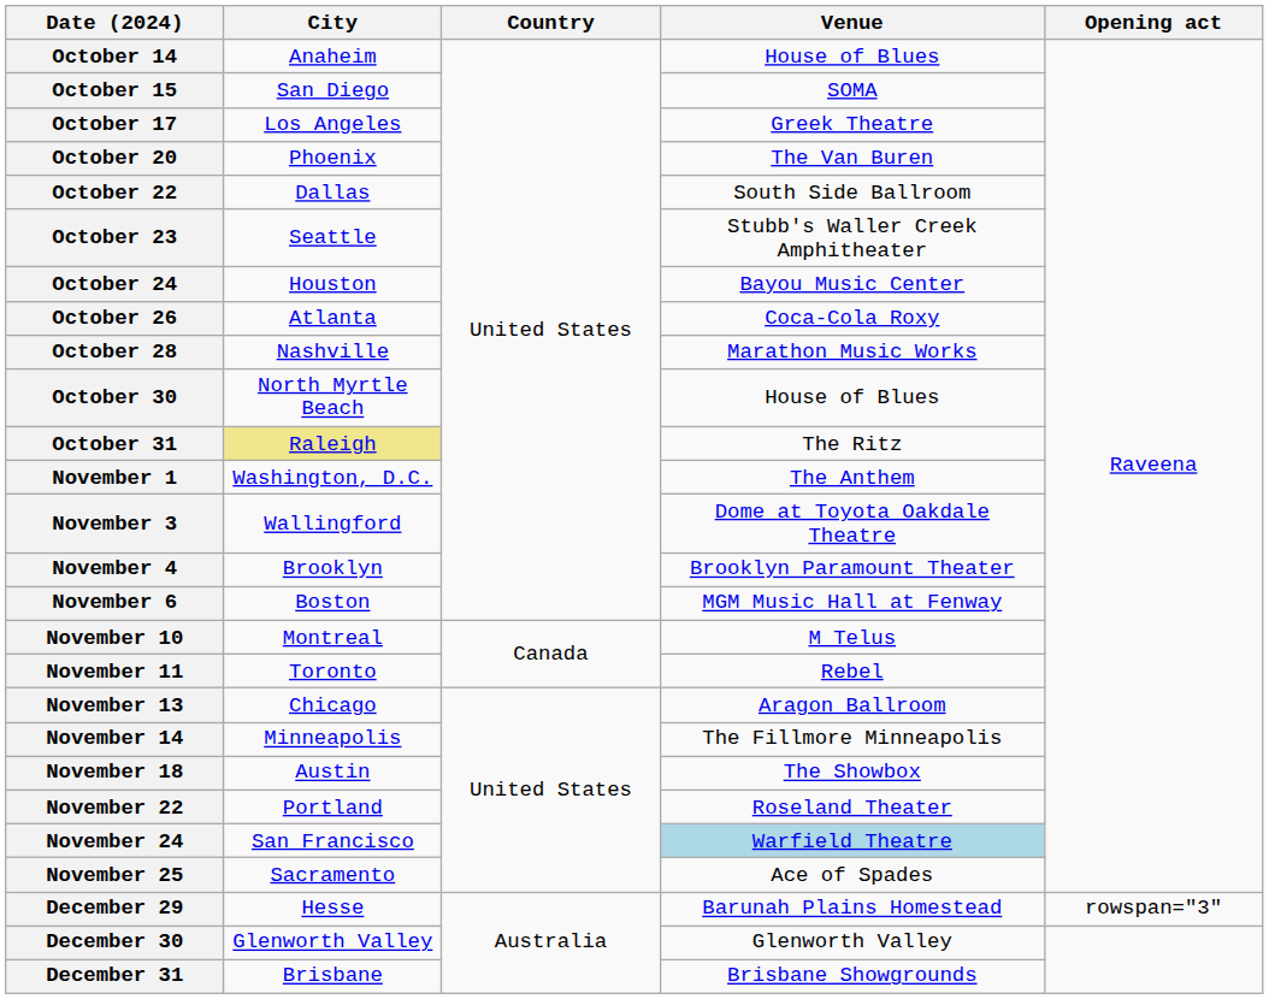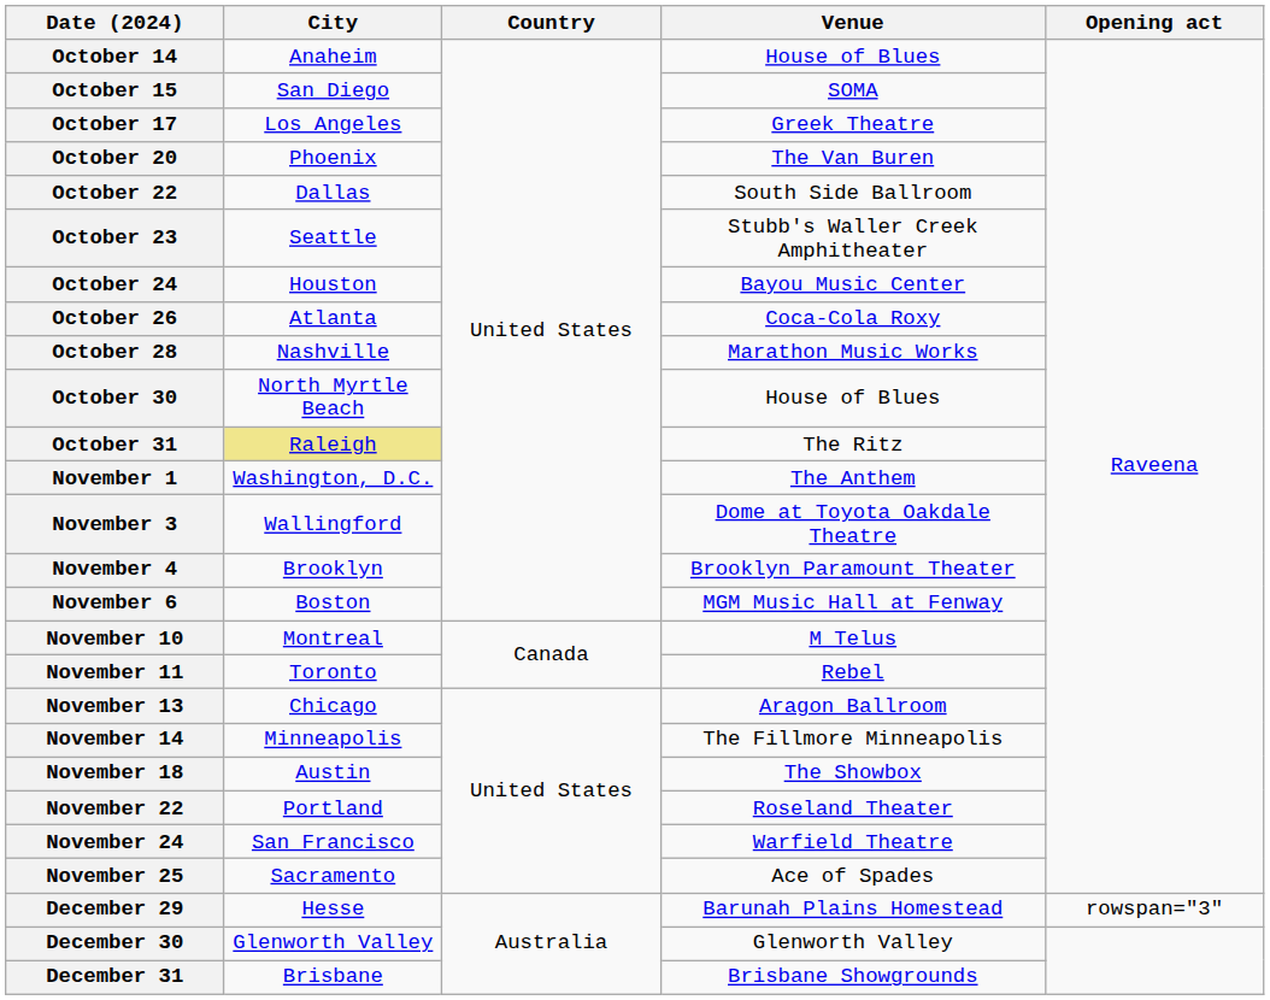 <table class="wikitable plainrowheaders" style="text-align:center;">
 <tr>
 <th scope="col" style="width:10em;">Date (2024)</th>
 <th scope="col" style="width:10em;">City</th>
 <th scope="col" style="width:10em;">Country</th>
 <th scope="col" style="width:18em;">Venue</th>
 <th scope="col" style="width:10em;">Opening act</th>
 </tr>
 <tr>
 <th scope="row" style="text-align:center;">October 14</th>
 <td><a href='#'>Anaheim</a></td>
 <td rowspan="15">United States</td>
 <td><a href='#'>House of Blues</a></td>
 <td rowspan="23"><a href='#'>Raveena</a></td>
 </tr>
 <tr>
 <th scope="row" style="text-align:center;">October 15</th>
 <td><a href='#'>San Diego</a></td>
 <td><a href='#'>SOMA</a></td>
 </tr>
 <tr>
 <th scope="row" style="text-align:center;">October 17</th>
 <td><a href='#'>Los Angeles</a></td>
 <td><a href='#'>Greek Theatre</a></td>
 </tr>
 <tr>
 <th scope="row" style="text-align:center;">October 20</th>
 <td><a href='#'>Phoenix</a></td>
 <td><a href='#'>The Van Buren</a></td>
 </tr>
 <tr>
 <th scope="row" style="text-align:center;">October 22</th>
 <td><a href='#'>Dallas</a></td>
 <td>South Side Ballroom</td>
 </tr>
 <tr>
 <th scope="row" style="text-align:center;">October 23</th>
 <td><a href='#'>Seattle</a></td>
 <td>Stubb's Waller Creek Amphitheater</td>
 </tr>
 <tr>
 <th scope="row" style="text-align:center;">October 24</th>
 <td><a href='#'>Houston</a></td>
 <td><a href='#'>Bayou Music Center</a></td>
 </tr>
 <tr>
 <th scope="row" style="text-align:center;">October 26</th>
 <td><a href='#'>Atlanta</a></td>
 <td><a href='#'>Coca-Cola Roxy</a></td>
 </tr>
 <tr>
 <th scope="row" style="text-align:center;">October 28</th>
 <td><a href='#'>Nashville</a></td>
 <td><a href='#'>Marathon Music Works</a></td>
 </tr>
 <tr>
 <th scope="row" style="text-align:center;">October 30</th>
 <td><a href='#'>North Myrtle Beach</a></td>
 <td>House of Blues</td>
 </tr>
 <tr>
 <th scope="row" style="text-align:center;">October 31</th>
 <td style="background: khaki;"><a href='#'>Raleigh</a></td>
 <td>The Ritz</td>
 </tr>
 <tr>
 <th scope="row" style="text-align:center;">November 1</th>
 <td><a href='#'>Washington, D.C.</a></td>
 <td><a href='#'>The Anthem</a></td>
 </tr>
 <tr>
 <th scope="row" style="text-align:center;">November 3</th>
 <td><a href='#'>Wallingford</a></td>
 <td><a href='#'>Dome at Toyota Oakdale Theatre</a></td>
 </tr>
 <tr>
 <th scope="row" style="text-align:center;">November 4</th>
 <td><a href='#'>Brooklyn</a></td>
 <td><a href='#'>Brooklyn Paramount Theater</a></td>
 </tr>
 <tr>
 <th scope="row" style="text-align:center;">November 6</th>
 <td><a href='#'>Boston</a></td>
 <td><a href='#'>MGM Music Hall at Fenway</a></td>
 </tr>
 <tr>
 <th scope="row" style="text-align:center;">November 10</th>
 <td><a href='#'>Montreal</a></td>
 <td rowspan="2">Canada</td>
 <td><a href='#'>M Telus</a></td>
 </tr>
 <tr>
 <th scope="row" style="text-align:center;">November 11</th>
 <td><a href='#'>Toronto</a></td>
 <td><a href='#'>Rebel</a></td>
 </tr>
 <tr>
 <th scope="row" style="text-align:center;">November 13</th>
 <td><a href='#'>Chicago</a></td>
 <td rowspan="6">United States</td>
 <td><a href='#'>Aragon Ballroom</a></td>
 </tr>
 <tr>
 <th scope="row" style="text-align:center;">November 14</th>
 <td><a href='#'>Minneapolis</a></td>
 <td>The Fillmore Minneapolis</td>
 </tr>
 <tr>
 <th scope="row" style="text-align:center;">November 18</th>
 <td><a href='#'>Austin</a></td>
 <td><a href='#'>The Showbox</a></td>
 </tr>
 <tr>
 <th scope="row" style="text-align:center;">November 22</th>
 <td><a href='#'>Portland</a></td>
 <td><a href='#'>Roseland Theater</a></td>
 </tr>
 <tr>
 <th scope="row" style="text-align:center;">November 24</th>
 <td><a href='#'>San Francisco</a></td>
-<td style="background: lightblue;"><a href='#'>Warfield Theatre</a></td>
+<td><a href='#'>Warfield Theatre</a></td>
 </tr>
 <tr>
 <th scope="row" style="text-align:center;">November 25</th>
 <td><a href='#'>Sacramento</a></td>
 <td>Ace of Spades</td>
 </tr>
 <tr>
 <th scope="row" style="text-align:center;">December 29</th>
 <td><a href='#'>Hesse</a></td>
 <td rowspan="3">Australia</td>
 <td><a href='#'>Barunah Plains Homestead</a></td>
 <td>rowspan="3"  </td>
 </tr>
 <tr>
 <th scope="row" style="text-align:center;">December 30</th>
 <td><a href='#'>Glenworth Valley</a></td>
 <td>Glenworth Valley</td>
 </tr>
 <tr>
 <th scope="row" style="text-align:center;">December 31</th>
 <td><a href='#'>Brisbane</a></td>
 <td><a href='#'>Brisbane Showgrounds</a></td>
 </tr>
 </table>
